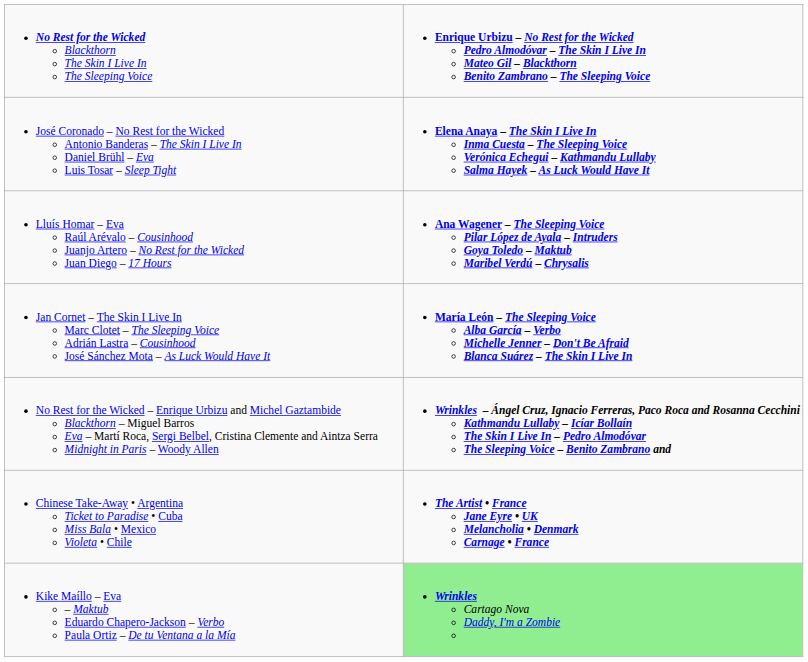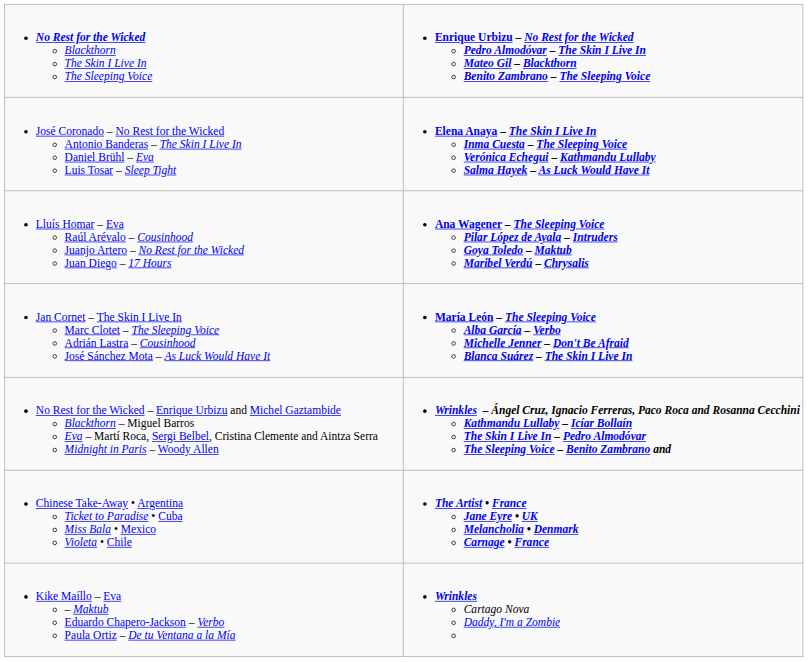 <table class=wikitable style="width=100%">
 <tr>
 <td style="vertical-align:top;" width="50%"><br><ul><li><strong><em><a href='#'>No Rest for the Wicked</a></em></strong><ul><li><em><a href='#'>Blackthorn</a></em></li><li><em><a href='#'>The Skin I Live In</a></em></li><li><em><a href='#'>The Sleeping Voice</a></em></li></ul></li></ul></td>
 <td style="vertical-align:top;" width="50%"><br><ul><li><strong><a href='#'>Enrique Urbizu</a> – <em><a href='#'>No Rest for the Wicked</a><strong><em><ul><li><a href='#'>Pedro Almodóvar</a> – </em><a href='#'>The Skin I Live In</a><em></li><li><a href='#'>Mateo Gil</a> – </em><a href='#'>Blackthorn</a><em></li><li><a href='#'>Benito Zambrano</a> – </em><a href='#'>The Sleeping Voice</a><em></li></ul></li></ul></td>
 </tr>
 <tr>
 <td style="vertical-align:top;" width="50%"><br><ul><li></strong><a href='#'>José Coronado</a> – </em><a href='#'>No Rest for the Wicked</a></em></strong><ul><li><a href='#'>Antonio Banderas</a> – <em><a href='#'>The Skin I Live In</a></em></li><li><a href='#'>Daniel Brühl</a> – <em><a href='#'>Eva</a></em></li><li><a href='#'>Luis Tosar</a> – <em><a href='#'>Sleep Tight</a></em></li></ul></li></ul></td>
 <td style="vertical-align:top;" width="50%"><br><ul><li><strong><a href='#'>Elena Anaya</a> – <em><a href='#'>The Skin I Live In</a><strong><em><ul><li><a href='#'>Inma Cuesta</a> – </em><a href='#'>The Sleeping Voice</a><em></li><li><a href='#'>Verónica Echegui</a> – </em><a href='#'>Kathmandu Lullaby</a><em></li><li><a href='#'>Salma Hayek</a> – </em><a href='#'>As Luck Would Have It</a><em></li></ul></li></ul></td>
 </tr>
 <tr>
 <td style="vertical-align:top;" width="50%"><br><ul><li></strong><a href='#'>Lluís Homar</a> – </em><a href='#'>Eva</a></em></strong><ul><li><a href='#'>Raúl Arévalo</a> – <em><a href='#'>Cousinhood</a></em></li><li><a href='#'>Juanjo Artero</a> – <em><a href='#'>No Rest for the Wicked</a></em></li><li><a href='#'>Juan Diego</a> – <em><a href='#'>17 Hours</a></em></li></ul></li></ul></td>
 <td style="vertical-align:top;" width="50%"><br><ul><li><strong><a href='#'>Ana Wagener</a> – <em><a href='#'>The Sleeping Voice</a><strong><em><ul><li><a href='#'>Pilar López de Ayala</a> – </em><a href='#'>Intruders</a><em></li><li><a href='#'>Goya Toledo</a> – </em><a href='#'>Maktub</a><em></li><li><a href='#'>Maribel Verdú</a> – </em><a href='#'>Chrysalis</a><em></li></ul></li></ul></td>
 </tr>
 <tr>
 <td style="vertical-align:top;" width="50%"><br><ul><li></strong><a href='#'>Jan Cornet</a> – </em><a href='#'>The Skin I Live In</a></em></strong><ul><li><a href='#'>Marc Clotet</a> – <em><a href='#'>The Sleeping Voice</a></em></li><li><a href='#'>Adrián Lastra</a> – <em><a href='#'>Cousinhood</a></em></li><li><a href='#'>José Sánchez Mota</a> – <em><a href='#'>As Luck Would Have It</a></em></li></ul></li></ul></td>
 <td style="vertical-align:top;" width="50%"><br><ul><li><strong><a href='#'>María León</a> – <em><a href='#'>The Sleeping Voice</a><strong><em><ul><li><a href='#'>Alba García</a> – </em><a href='#'>Verbo</a><em></li><li><a href='#'>Michelle Jenner</a> – </em><a href='#'>Don't Be Afraid</a><em></li><li><a href='#'>Blanca Suárez</a> – </em><a href='#'>The Skin I Live In</a><em></li></ul></li></ul></td>
 </tr>
 <tr>
 <td style="vertical-align:top;" width="50%"><br><ul><li></em></strong><a href='#'>No Rest for the Wicked</a></em> – <a href='#'>Enrique Urbizu</a> and <a href='#'>Michel Gaztambide</a></strong><ul><li><em><a href='#'>Blackthorn</a></em> – Miguel Barros</li><li><em><a href='#'>Eva</a></em> – Martí Roca, <a href='#'>Sergi Belbel</a>, Cristina Clemente and Aintza Serra</li><li><em><a href='#'>Midnight in Paris</a></em> – <a href='#'>Woody Allen</a></li></ul></li></ul></td>
 <td style="vertical-align:top;" width="50%"><br><ul><li><strong><em><a href='#'>Wrinkles</a><em>  – Ángel Cruz, Ignacio Ferreras, Paco Roca and Rosanna Cecchini<strong><ul><li></em><a href='#'>Kathmandu Lullaby</a><em> – <a href='#'>Icíar Bollaín</a></li><li></em><a href='#'>The Skin I Live In</a><em> – <a href='#'>Pedro Almodóvar</a></li><li></em><a href='#'>The Sleeping Voice</a><em> – <a href='#'>Benito Zambrano</a> and </li></ul></li></ul></td>
 </tr>
 <tr>
 <td style="vertical-align:top;" width="50%"><br><ul><li></em></strong><a href='#'>Chinese Take-Away</a></em> • <a href='#'>Argentina</a></strong><ul><li><em><a href='#'>Ticket to Paradise</a></em> • <a href='#'>Cuba</a></li><li><em><a href='#'>Miss Bala</a></em> • <a href='#'>Mexico</a></li><li><em><a href='#'>Violeta</a></em> • <a href='#'>Chile</a></li></ul></li></ul></td>
 <td style="vertical-align:top;" width="50%"><br><ul><li><strong><em><a href='#'>The Artist</a><em> • <a href='#'>France</a><strong><ul><li></em><a href='#'>Jane Eyre</a><em> • <a href='#'>UK</a></li><li></em><a href='#'>Melancholia</a><em> • <a href='#'>Denmark</a></li><li></em><a href='#'>Carnage</a><em> • <a href='#'>France</a></li></ul></li></ul></td>
 </tr>
 <tr>
 <td style="vertical-align:top;" width="50%"><br><ul><li></strong><a href='#'>Kike Maíllo</a> – </em><a href='#'>Eva</a></em></strong><ul><li> – <em><a href='#'>Maktub</a></em></li><li><a href='#'>Eduardo Chapero-Jackson</a> – <em><a href='#'>Verbo</a></em></li><li><a href='#'>Paula Ortiz</a> – <em><a href='#'>De tu Ventana a la Mía</a></em></li></ul></li></ul></td>
-<td style="background: lightgreen; vertical-align:top;" width="50%"><br><ul><li><strong><em><a href='#'>Wrinkles</a></em></strong><ul><li><em>Cartago Nova</em></li><li><em><a href='#'>Daddy, I'm a Zombie</a></em></li><li><em></em></li></ul></li></ul></td>
+<td style="vertical-align:top;" width="50%"><br><ul><li><strong><em><a href='#'>Wrinkles</a></em></strong><ul><li><em>Cartago Nova</em></li><li><em><a href='#'>Daddy, I'm a Zombie</a></em></li><li><em></em></li></ul></li></ul></td>
 </tr>
 </table>
